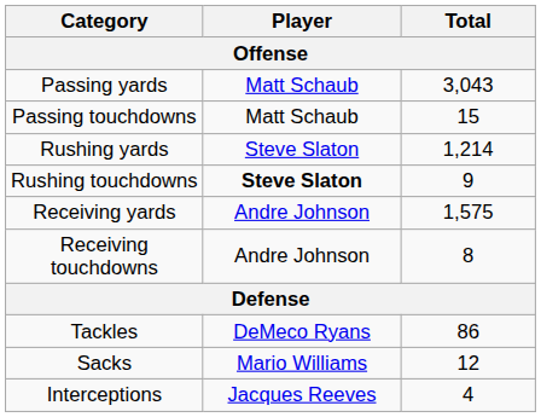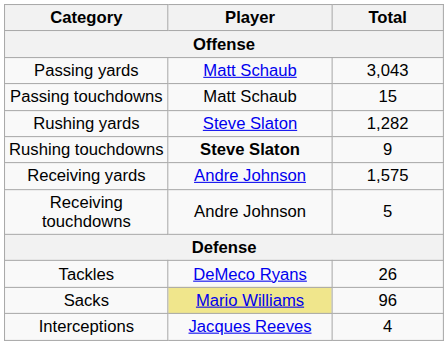 <table class="wikitable" style="text-align:center">
 <tr>
 <th width="150">Category</th>
 <th width="150">Player</th>
 <th width="100">Total</th>
 </tr>
 <tr>
 <th align="center" colspan="4">Offense</th>
 </tr>
 <tr>
 <td>Passing yards</td>
 <td><a href='#'>Matt Schaub</a></td>
 <td>3,043</td>
 </tr>
 <tr>
 <td>Passing touchdowns</td>
 <td>Matt Schaub</td>
 <td>15</td>
 </tr>
 <tr>
 <td>Rushing yards</td>
 <td><a href='#'>Steve Slaton</a></td>
-<td>1,214</td>
+<td>1,282</td>
 </tr>
 <tr>
 <td>Rushing touchdowns</td>
 <td><strong>Steve Slaton</strong></td>
 <td>9</td>
 </tr>
 <tr>
 <td>Receiving yards</td>
 <td><a href='#'>Andre Johnson</a></td>
 <td>1,575</td>
 </tr>
 <tr>
 <td>Receiving touchdowns</td>
 <td>Andre Johnson</td>
-<td>8</td>
+<td>5</td>
 </tr>
 <tr>
 <th align="center" colspan="4">Defense</th>
 </tr>
 <tr>
 <td>Tackles </td>
 <td><a href='#'>DeMeco Ryans</a></td>
-<td>86</td>
+<td>26</td>
 </tr>
 <tr>
 <td>Sacks</td>
-<td><a href='#'>Mario Williams</a></td>
-<td>12</td>
+<td style="background: khaki;"><a href='#'>Mario Williams</a></td>
+<td>96</td>
 </tr>
 <tr>
 <td>Interceptions</td>
 <td><a href='#'>Jacques Reeves</a></td>
 <td>4</td>
 </tr>
 </table>
